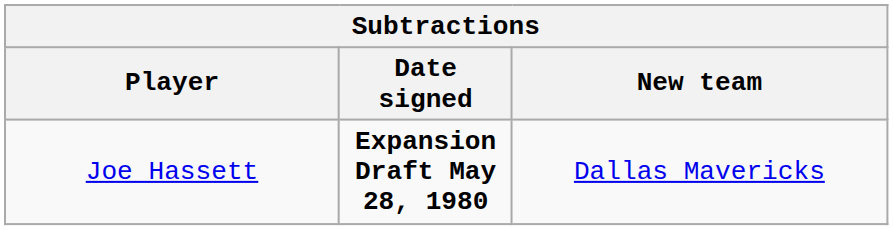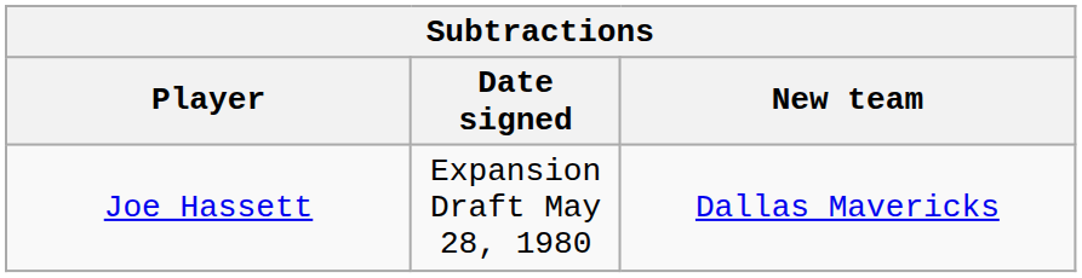 <table class="wikitable" style="text-align:center">
 <tr>
 <th colspan=3>Subtractions</th>
 </tr>
 <tr>
 <th style="width:160px">Player</th>
 <th style="width:80px">Date signed</th>
 <th style="width:180px">New team</th>
 </tr>
 <tr>
 <td><a href='#'>Joe Hassett</a></td>
-<td><strong>Expansion Draft May 28, 1980</strong></td>
+<td>Expansion Draft May 28, 1980</td>
 <td><a href='#'>Dallas Mavericks</a></td>
 </tr>
 </table>
